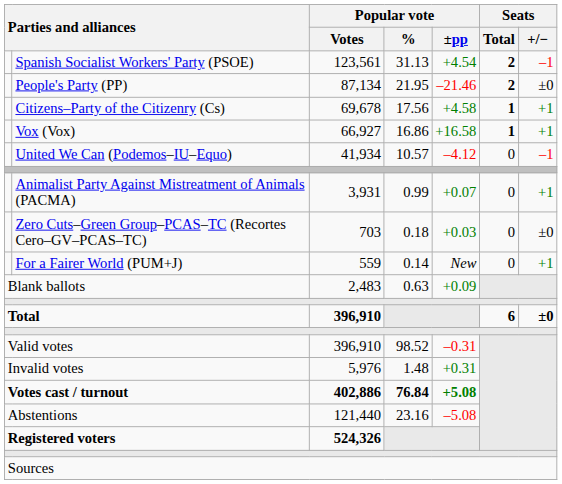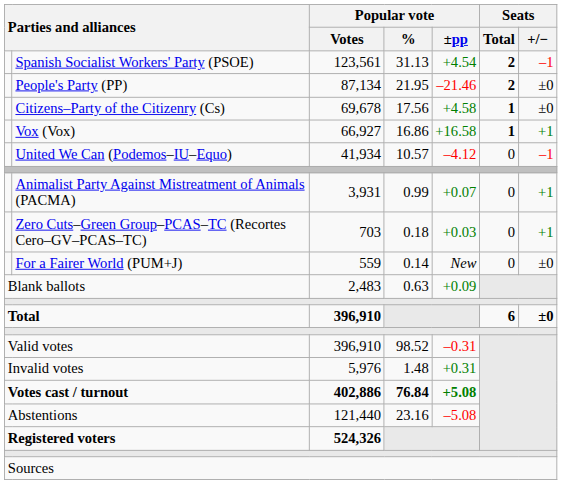 <table class="wikitable" style="text-align:right;">
 <tr>
 <th style="text-align:left;" rowspan="2" colspan="2" width="525">Parties and alliances</th>
 <th colspan="3">Popular vote</th>
 <th colspan="2">Seats</th>
 </tr>
 <tr>
 <th width="75">Votes</th>
 <th width="45">%</th>
 <th width="45">±<a href='#'>pp</a></th>
 <th width="35">Total</th>
 <th width="35">+/−</th>
 </tr>
 <tr>
 <td width="1" style="color:inherit;background:"></td>
 <td align="left"><a href='#'>Spanish Socialist Workers' Party</a> (PSOE)</td>
 <td>123,561</td>
 <td>31.13</td>
 <td style="color:green;">+4.54</td>
 <td><strong>2</strong></td>
 <td style="color:red;">–1</td>
 </tr>
 <tr>
 <td style="color:inherit;background:"></td>
 <td align="left"><a href='#'>People's Party</a> (PP)</td>
 <td>87,134</td>
 <td>21.95</td>
 <td style="color:red;">–21.46</td>
 <td><strong>2</strong></td>
 <td>±0</td>
 </tr>
 <tr>
 <td style="color:inherit;background:"></td>
 <td align="left"><a href='#'>Citizens–Party of the Citizenry</a> (Cs)</td>
 <td>69,678</td>
 <td>17.56</td>
 <td style="color:green;">+4.58</td>
 <td><strong>1</strong></td>
-<td style="color:green;">+1</td>
+<td>±0</td>
 </tr>
 <tr>
 <td style="color:inherit;background:"></td>
 <td align="left"><a href='#'>Vox</a> (Vox)</td>
 <td>66,927</td>
 <td>16.86</td>
 <td style="color:green;">+16.58</td>
 <td><strong>1</strong></td>
 <td style="color:green;">+1</td>
 </tr>
 <tr>
 <td style="color:inherit;background:"></td>
 <td align="left"><a href='#'>United We Can</a> (<a href='#'>Podemos</a>–<a href='#'>IU</a>–<a href='#'>Equo</a>)</td>
 <td>41,934</td>
 <td>10.57</td>
 <td style="color:red;">–4.12</td>
 <td>0</td>
 <td style="color:red;">–1</td>
 </tr>
 <tr>
 <td colspan="7" bgcolor="#C0C0C0"></td>
 </tr>
 <tr>
 <td style="color:inherit;background:"></td>
 <td align="left"><a href='#'>Animalist Party Against Mistreatment of Animals</a> (PACMA)</td>
 <td>3,931</td>
 <td>0.99</td>
 <td style="color:green;">+0.07</td>
 <td>0</td>
 <td style="color:green;">+1</td>
 </tr>
 <tr>
 <td style="color:inherit;background:"></td>
 <td align="left"><a href='#'>Zero Cuts</a>–<a href='#'>Green Group</a>–<a href='#'>PCAS</a>–<a href='#'>TC</a> (Recortes Cero–GV–PCAS–TC)</td>
 <td>703</td>
 <td>0.18</td>
 <td style="color:green;">+0.03</td>
 <td>0</td>
-<td>±0</td>
+<td style="color:green;">+1</td>
 </tr>
 <tr>
 <td style="color:inherit;background:"></td>
 <td align="left"><a href='#'>For a Fairer World</a> (PUM+J)</td>
 <td>559</td>
 <td>0.14</td>
 <td><em>New</em></td>
 <td>0</td>
-<td style="color:green;">+1</td>
+<td>±0</td>
 </tr>
 <tr>
 <td align="left" colspan="2">Blank ballots</td>
 <td>2,483</td>
 <td>0.63</td>
 <td style="color:green;">+0.09</td>
 <td bgcolor="#E9E9E9" colspan="2"></td>
 </tr>
 <tr>
 <td colspan="7" bgcolor="#E9E9E9"></td>
 </tr>
 <tr style="font-weight:bold;">
 <td align="left" colspan="2">Total</td>
 <td>396,910</td>
 <td bgcolor="#E9E9E9" colspan="2"></td>
 <td>6</td>
 <td>±0</td>
 </tr>
 <tr>
 <td colspan="7" bgcolor="#E9E9E9"></td>
 </tr>
 <tr>
 <td align="left" colspan="2">Valid votes</td>
 <td>396,910</td>
 <td>98.52</td>
 <td style="color:red;">–0.31</td>
 <td bgcolor="#E9E9E9" colspan="2" rowspan="5"></td>
 </tr>
 <tr>
 <td align="left" colspan="2">Invalid votes</td>
 <td>5,976</td>
 <td>1.48</td>
 <td style="color:green;">+0.31</td>
 </tr>
 <tr style="font-weight:bold;">
 <td align="left" colspan="2">Votes cast / turnout</td>
 <td>402,886</td>
 <td>76.84</td>
 <td style="color:green;">+5.08</td>
 </tr>
 <tr>
 <td align="left" colspan="2">Abstentions</td>
 <td>121,440</td>
 <td>23.16</td>
 <td style="color:red;">–5.08</td>
 </tr>
 <tr style="font-weight:bold;">
 <td align="left" colspan="2">Registered voters</td>
 <td>524,326</td>
 <td bgcolor="#E9E9E9" colspan="2"></td>
 </tr>
 <tr>
 <td colspan="7" bgcolor="#E9E9E9"></td>
 </tr>
 <tr>
 <td align="left" colspan="7">Sources</td>
 </tr>
 </table>
